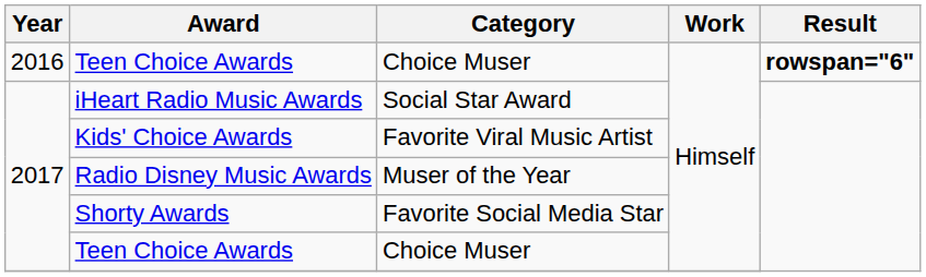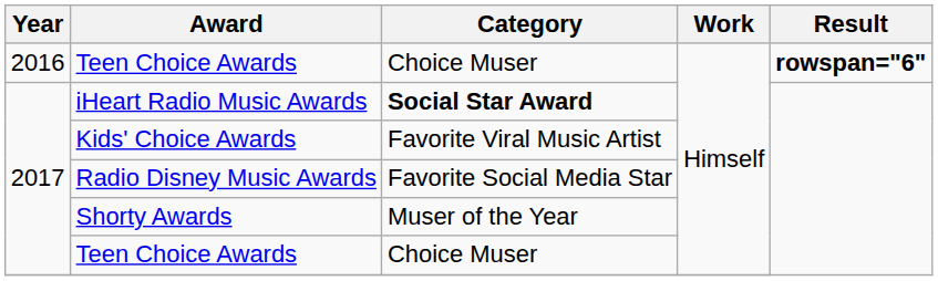 <table class="wikitable">
 <tr>
 <th scope="col">Year</th>
 <th scope="col">Award</th>
 <th>Category</th>
 <th scope="col">Work</th>
 <th scope="col">Result</th>
 </tr>
 <tr>
 <td>2016</td>
 <td><a href='#'>Teen Choice Awards</a></td>
 <td>Choice Muser</td>
 <td rowspan="6">Himself</td>
 <td><strong>rowspan="6" </strong></td>
 </tr>
 <tr>
 <td rowspan="5" style="text-align:center;">2017</td>
 <td><a href='#'>iHeart Radio Music Awards</a></td>
-<td>Social Star Award</td>
+<td><strong>Social Star Award</strong></td>
 </tr>
 <tr>
 <td><a href='#'>Kids' Choice Awards</a></td>
 <td>Favorite Viral Music Artist</td>
 </tr>
 <tr>
 <td><a href='#'>Radio Disney Music Awards</a></td>
-<td>Muser of the Year</td>
+<td>Favorite Social Media Star</td>
 </tr>
 <tr>
 <td><a href='#'>Shorty Awards</a></td>
-<td>Favorite Social Media Star</td>
+<td>Muser of the Year</td>
 </tr>
 <tr>
 <td><a href='#'>Teen Choice Awards</a></td>
 <td>Choice Muser</td>
 </tr>
 <tr>
 </tr>
 </table>
